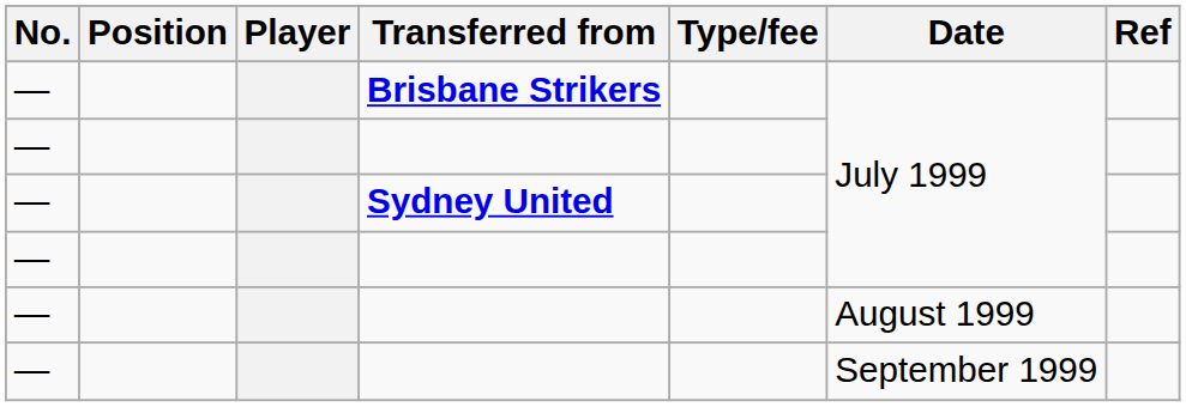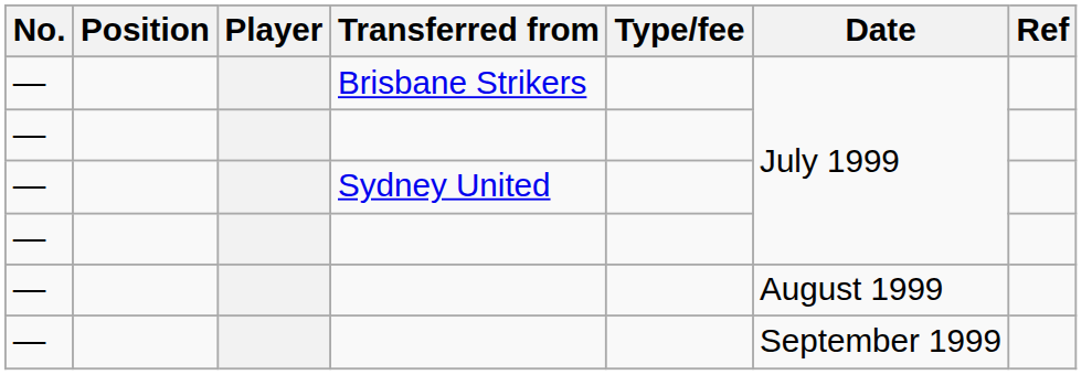 <table class="wikitable plainrowheaders sortable" style="text-align:center; text-align:left">
 <tr>
 <th scope="col">No.</th>
 <th scope="col">Position</th>
 <th scope="col">Player</th>
 <th scope="col">Transferred from</th>
 <th scope="col">Type/fee</th>
 <th scope="col">Date</th>
 <th scope="col" class="unsortable">Ref</th>
 </tr>
 <tr>
 <td>—</td>
 <td></td>
 <th scope="row"></th>
-<td><strong><a href='#'>Brisbane Strikers</a></strong></td>
+<td><a href='#'>Brisbane Strikers</a></td>
 <td></td>
 <td rowspan="4">July 1999</td>
 <td></td>
 </tr>
 <tr>
 <td>—</td>
 <td></td>
 <th scope="row"></th>
 <td></td>
 <td></td>
 <td></td>
 </tr>
 <tr>
 <td>—</td>
 <td></td>
 <th scope="row"></th>
-<td><strong><a href='#'>Sydney United</a></strong></td>
+<td><a href='#'>Sydney United</a></td>
 <td></td>
 <td></td>
 </tr>
 <tr>
 <td>—</td>
 <td></td>
 <th scope="row"></th>
 <td></td>
 <td></td>
 <td></td>
 </tr>
 <tr>
 <td>—</td>
 <td></td>
 <th scope="row"></th>
 <td></td>
 <td></td>
 <td>August 1999</td>
 <td></td>
 </tr>
 <tr>
 <td>—</td>
 <td></td>
 <th scope="row"></th>
 <td></td>
 <td></td>
 <td>September 1999</td>
 <td></td>
 </tr>
 </table>
